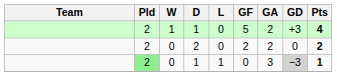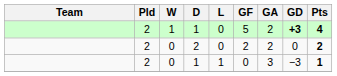 <table class="wikitable" style="text-align: center;">
 <tr>
 <th width="190">Team</th>
 <th width="30">Pld</th>
 <th width="30">W</th>
 <th width="30">D</th>
 <th width="30">L</th>
 <th width="30">GF</th>
 <th width="30">GA</th>
 <th width="30">GD</th>
 <th width="30">Pts</th>
 </tr>
 <tr bgcolor=#ccffcc>
 <td align=left></td>
 <td>2</td>
 <td>1</td>
 <td>1</td>
 <td>0</td>
 <td>5</td>
 <td>2</td>
-<td>+3</td>
+<td><strong>+3</strong></td>
 <td><strong>4</strong></td>
 </tr>
 <tr>
 <td align=left></td>
 <td>2</td>
 <td>0</td>
 <td>2</td>
 <td>0</td>
 <td>2</td>
 <td>2</td>
 <td>0</td>
 <td><strong>2</strong></td>
 </tr>
 <tr>
 <td align=left></td>
-<td style="background: lightgreen;">2</td>
+<td>2</td>
 <td>0</td>
 <td>1</td>
 <td>1</td>
 <td>0</td>
 <td>3</td>
-<td style="background: lightgrey;">−3</td>
+<td>−3</td>
 <td><strong>1</strong></td>
 </tr>
 <tr>
 </tr>
 </table>
